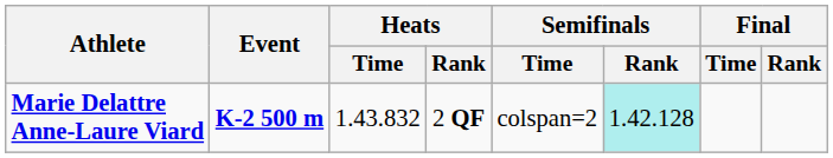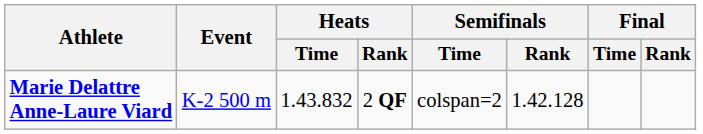 <table class=wikitable style="font-size:90%">
 <tr>
 <th rowspan="2">Athlete</th>
 <th rowspan="2">Event</th>
 <th colspan="2">Heats</th>
 <th colspan="2">Semifinals</th>
 <th colspan="2">Final</th>
 </tr>
 <tr style="font-size:95%">
 <th>Time</th>
 <th>Rank</th>
 <th>Time</th>
 <th>Rank</th>
 <th>Time</th>
 <th>Rank</th>
 </tr>
 <tr align=center>
 <td align=left><strong><a href='#'>Marie Delattre</a><br><a href='#'>Anne-Laure Viard</a></strong></td>
-<td align=left><strong><a href='#'>K-2 500 m</a></strong></td>
+<td align=left><a href='#'>K-2 500 m</a></td>
 <td>1.43.832</td>
 <td>2 <strong>QF</strong></td>
 <td>colspan=2 </td>
-<td style="background: paleturquoise;">1.42.128</td>
+<td>1.42.128</td>
 <td></td>
 </tr>
 </table>
